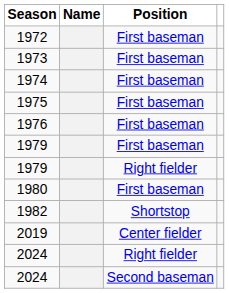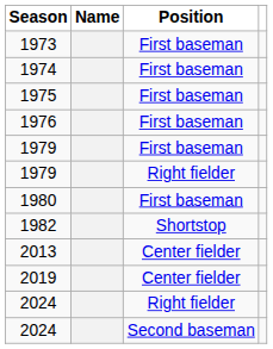 <table class="wikitable sortable plainrowheaders" style="text-align:center">
 <tr>
 <th scope="col" style="background-color:#ffffff; border-top:#">Season</th>
 <th scope="col" style="background-color:#ffffff; border-top:#">Name</th>
 <th scope="col" style="background-color:#ffffff; border-top:#">Position</th>
 <th scope="col" class="unsortable" style="background-color:#ffffff; border-top:#"></th>
-</tr>
-<tr>
-<td>1972</td>
-<th scope="row" style="text-align:center"> </th>
-<td><a href='#'>First baseman</a></td>
-<td></td>
 </tr>
 <tr>
 <td>1973</td>
 <th scope="row" style="text-align:center"> </th>
 <td><a href='#'>First baseman</a></td>
 <td></td>
 </tr>
 <tr>
 <td>1974</td>
 <th scope="row" style="text-align:center"> </th>
 <td><a href='#'>First baseman</a></td>
 <td></td>
 </tr>
 <tr>
 <td>1975</td>
 <th scope="row" style="text-align:center"> </th>
 <td><a href='#'>First baseman</a></td>
 <td></td>
 </tr>
 <tr>
 <td>1976</td>
 <th scope="row" style="text-align:center"> </th>
 <td><a href='#'>First baseman</a></td>
 <td></td>
 </tr>
 <tr>
 <td>1979</td>
 <th scope="row" style="text-align:center"> </th>
 <td><a href='#'>First baseman</a></td>
 <td></td>
 </tr>
 <tr>
 <td>1979</td>
 <th scope="row" style="text-align:center"></th>
 <td><a href='#'>Right fielder</a></td>
 <td></td>
 </tr>
 <tr>
 <td>1980</td>
 <th scope="row" style="text-align:center"> </th>
 <td><a href='#'>First baseman</a></td>
 <td></td>
 </tr>
 <tr>
 <td>1982</td>
 <th scope="row" style="text-align:center"></th>
 <td><a href='#'>Shortstop</a></td>
 <td></td>
 </tr>
 <tr>
+<td>2013</td>
+<th scope="row" style="text-align:center"></th>
+<td><a href='#'>Center fielder</a></td>
+<td></td>
+</tr>
+<tr>
 <td>2019</td>
 <th scope="row" style="text-align:center"></th>
 <td><a href='#'>Center fielder</a></td>
 <td></td>
 </tr>
 <tr>
 <td>2024</td>
 <th scope="row" style="text-align:center"></th>
 <td><a href='#'>Right fielder</a></td>
 <td></td>
 </tr>
 <tr>
 <td>2024</td>
 <th scope="row" style="text-align:center"></th>
 <td><a href='#'>Second baseman</a></td>
 <td></td>
 </tr>
 </table>
